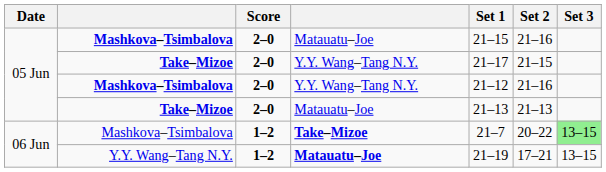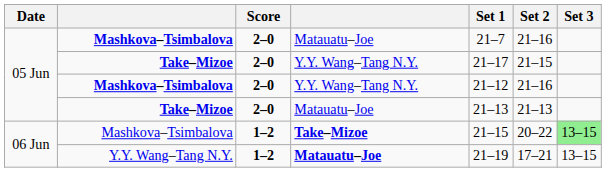 <table class="wikitable" style="text-align: center; font-size:90% ">
 <tr>
 <th width="60">Date</th>
 <th align="right" width="250"></th>
 <th width="60">Score</th>
 <th align="left" width="250"></th>
 <th width="50">Set 1</th>
 <th width="50">Set 2</th>
 <th width="50">Set 3</th>
 </tr>
 <tr>
 <td rowspan=4>05 Jun</td>
 <td align=right><strong><a href='#'>Mashkova</a>–<a href='#'>Tsimbalova</a> </strong></td>
 <td align=center><strong>2–0</strong></td>
 <td align=left> <a href='#'>Matauatu</a>–<a href='#'>Joe</a></td>
-<td>21–15</td>
+<td>21–7</td>
 <td>21–16</td>
 <td></td>
 </tr>
 <tr>
 <td align=right><strong><a href='#'>Take</a>–<a href='#'>Mizoe</a> </strong></td>
 <td align=center><strong>2–0</strong></td>
 <td align=left> <a href='#'>Y.Y. Wang</a>–<a href='#'>Tang N.Y.</a></td>
 <td>21–17</td>
 <td>21–15</td>
 <td></td>
 </tr>
 <tr>
 <td align=right><strong><a href='#'>Mashkova</a>–<a href='#'>Tsimbalova</a> </strong></td>
 <td align=center><strong>2–0</strong></td>
 <td align=left> <a href='#'>Y.Y. Wang</a>–<a href='#'>Tang N.Y.</a></td>
 <td>21–12</td>
 <td>21–16</td>
 <td></td>
 </tr>
 <tr>
 <td align=right><strong><a href='#'>Take</a>–<a href='#'>Mizoe</a> </strong></td>
 <td align=center><strong>2–0</strong></td>
 <td align=left> <a href='#'>Matauatu</a>–<a href='#'>Joe</a></td>
 <td>21–13</td>
 <td>21–13</td>
 <td></td>
 </tr>
 <tr>
 <td rowspan=2>06 Jun</td>
 <td align=right><a href='#'>Mashkova</a>–<a href='#'>Tsimbalova</a> </td>
 <td align=center><strong>1–2</strong></td>
 <td align=left><strong> <a href='#'>Take</a>–<a href='#'>Mizoe</a></strong></td>
-<td>21–7</td>
+<td>21–15</td>
 <td>20–22</td>
 <td style="background: lightgreen;">13–15</td>
 </tr>
 <tr>
 <td align=right><a href='#'>Y.Y. Wang</a>–<a href='#'>Tang N.Y.</a> </td>
 <td align=center><strong>1–2</strong></td>
 <td align=left><strong> <a href='#'>Matauatu</a>–<a href='#'>Joe</a></strong></td>
 <td>21–19</td>
 <td>17–21</td>
 <td>13–15</td>
 </tr>
 </table>
